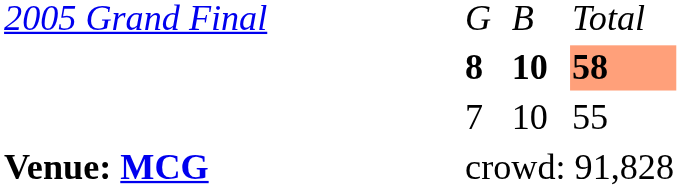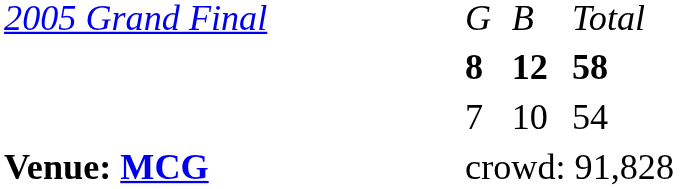 <table style="margin-right:4px; margin-top:8px; float:right; border:1px No.">
 <tr>
 <td width=200><em><a href='#'>2005 Grand Final</a></em></td>
 <td><em>G</em></td>
 <td><em>B</em></td>
 <td><em>Total</em></td>
 </tr>
 <tr>
 <td style="text-align:left"></td>
 <td><strong>8</strong></td>
-<td><strong>10</strong></td>
-<td style="background: lightsalmon;"><strong>58</strong></td>
+<td><strong>12</strong></td>
+<td><strong>58</strong></td>
 </tr>
 <tr>
 <td style="text-align:left"></td>
 <td>7</td>
 <td>10</td>
-<td>55</td>
+<td>54</td>
 </tr>
 <tr>
 <td><strong>Venue: <a href='#'>MCG</a></strong></td>
 <td colspan=3>crowd: 91,828</td>
 </tr>
 </table>
